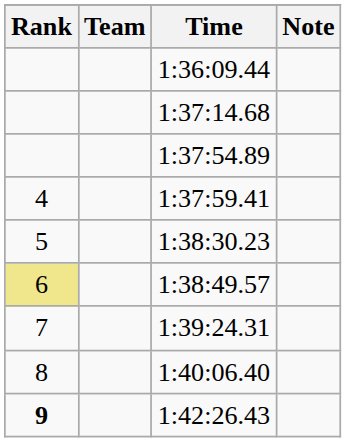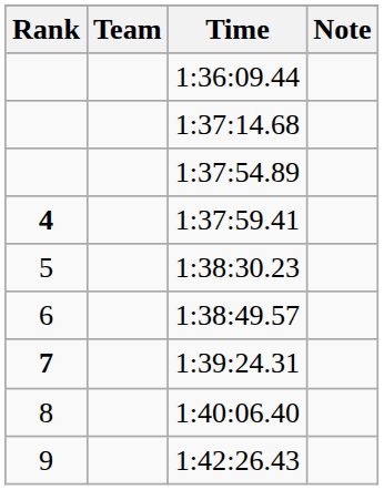 <table class="wikitable sortable" style=" text-align:center; font-size:95%;">
 <tr>
 </tr>
 <tr>
 <th>Rank</th>
 <th>Team</th>
 <th>Time</th>
 <th>Note</th>
 </tr>
 <tr>
 <td></td>
 <td align=left></td>
 <td>1:36:09.44</td>
 <td></td>
 </tr>
 <tr>
 <td></td>
 <td align=left></td>
 <td>1:37:14.68</td>
 <td></td>
 </tr>
 <tr>
 <td></td>
 <td align=left></td>
 <td>1:37:54.89</td>
 <td></td>
 </tr>
 <tr>
-<td>4</td>
+<td><strong>4</strong></td>
 <td align=left></td>
 <td>1:37:59.41</td>
 <td></td>
 </tr>
 <tr>
 <td>5</td>
 <td align=left></td>
 <td>1:38:30.23</td>
 <td></td>
 </tr>
 <tr>
-<td style="background: khaki;">6</td>
+<td>6</td>
 <td align=left></td>
 <td>1:38:49.57</td>
 <td></td>
 </tr>
 <tr>
-<td>7</td>
+<td><strong>7</strong></td>
 <td align=left></td>
 <td>1:39:24.31</td>
 <td></td>
 </tr>
 <tr>
 <td>8</td>
 <td align=left></td>
 <td>1:40:06.40</td>
 <td></td>
 </tr>
 <tr>
-<td><strong>9</strong></td>
+<td>9</td>
 <td align=left></td>
 <td>1:42:26.43</td>
 <td></td>
 </tr>
 </table>
